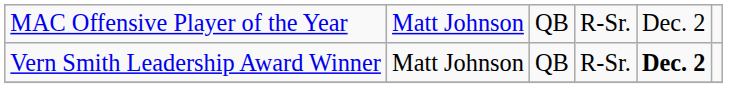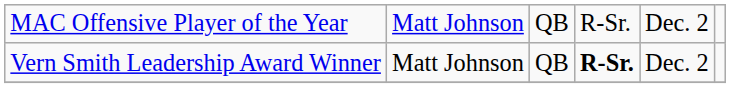 <table class="wikitable">
 <tr>
 <td><a href='#'>MAC Offensive Player of the Year</a></td>
 <td><a href='#'>Matt Johnson</a></td>
 <td>QB</td>
 <td>R-Sr.</td>
 <td>Dec. 2</td>
 <td></td>
 </tr>
 <tr>
 <td><a href='#'>Vern Smith Leadership Award Winner</a></td>
 <td>Matt Johnson</td>
 <td>QB</td>
-<td>R-Sr.</td>
-<td><strong>Dec. 2</strong></td>
+<td><strong>R-Sr.</strong></td>
+<td>Dec. 2</td>
 <td></td>
 </tr>
 <tr>
 </tr>
 </table>
